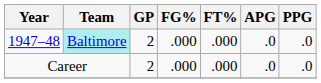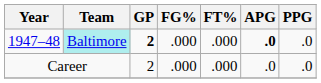 <table class="wikitable sortable" style="font-size:95%; text-align:right;">
 <tr>
 <th>Year</th>
 <th>Team</th>
 <th>GP</th>
 <th>FG%</th>
 <th>FT%</th>
 <th>APG</th>
 <th>PPG</th>
 </tr>
 <tr>
 <td style="text-align:left;"><a href='#'>1947–48</a></td>
 <td style="background: paleturquoise; text-align:left;"><a href='#'>Baltimore</a></td>
-<td>2</td>
+<td><strong>2</strong></td>
 <td>.000</td>
 <td>.000</td>
-<td>.0</td>
+<td><strong>.0</strong></td>
 <td>.0</td>
 </tr>
 <tr>
 <td style="text-align:center;" colspan="2">Career</td>
 <td>2</td>
 <td>.000</td>
 <td>.000</td>
 <td>.0</td>
 <td>.0</td>
 </tr>
 <tr>
 </tr>
 </table>
